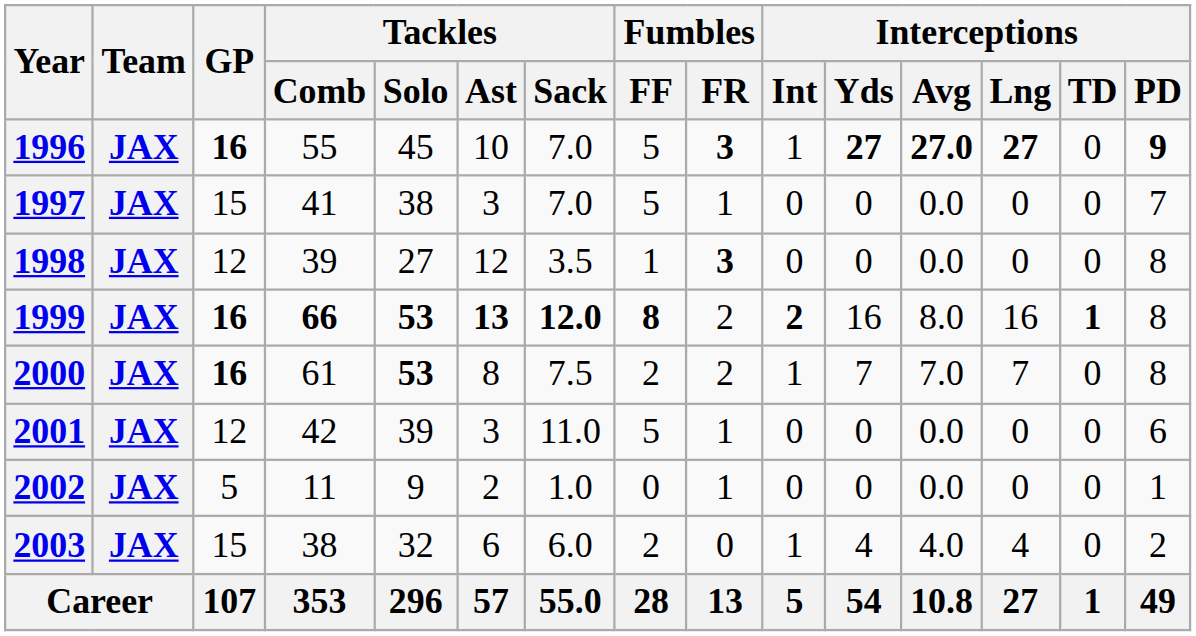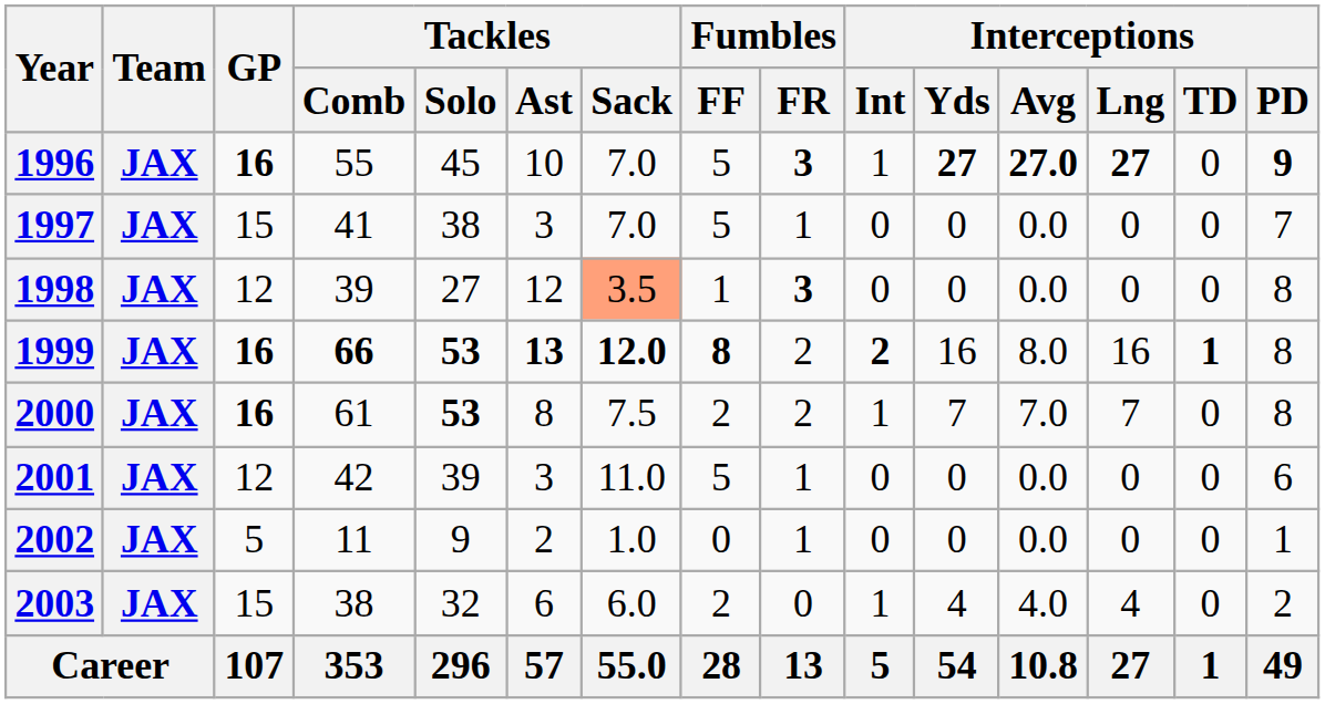 <table class="wikitable" style="text-align:center">
 <tr>
 <th rowspan="2">Year</th>
 <th rowspan="2">Team</th>
 <th rowspan="2">GP</th>
 <th colspan="4">Tackles</th>
 <th colspan="2">Fumbles</th>
 <th colspan="6">Interceptions</th>
 </tr>
 <tr>
 <th>Comb</th>
 <th>Solo</th>
 <th>Ast</th>
 <th>Sack</th>
 <th>FF</th>
 <th>FR</th>
 <th>Int</th>
 <th>Yds</th>
 <th>Avg</th>
 <th>Lng</th>
 <th>TD</th>
 <th>PD</th>
 </tr>
 <tr>
 <th><a href='#'>1996</a></th>
 <th><a href='#'>JAX</a></th>
 <td><strong>16</strong></td>
 <td>55</td>
 <td>45</td>
 <td>10</td>
 <td>7.0</td>
 <td>5</td>
 <td><strong>3</strong></td>
 <td>1</td>
 <td><strong>27</strong></td>
 <td><strong>27.0</strong></td>
 <td><strong>27</strong></td>
 <td>0</td>
 <td><strong>9</strong></td>
 </tr>
 <tr>
 <th><a href='#'>1997</a></th>
 <th><a href='#'>JAX</a></th>
 <td>15</td>
 <td>41</td>
 <td>38</td>
 <td>3</td>
 <td>7.0</td>
 <td>5</td>
 <td>1</td>
 <td>0</td>
 <td>0</td>
 <td>0.0</td>
 <td>0</td>
 <td>0</td>
 <td>7</td>
 </tr>
 <tr>
 <th><a href='#'>1998</a></th>
 <th><a href='#'>JAX</a></th>
 <td>12</td>
 <td>39</td>
 <td>27</td>
 <td>12</td>
-<td>3.5</td>
+<td style="background: lightsalmon;">3.5</td>
 <td>1</td>
 <td><strong>3</strong></td>
 <td>0</td>
 <td>0</td>
 <td>0.0</td>
 <td>0</td>
 <td>0</td>
 <td>8</td>
 </tr>
 <tr>
 <th><a href='#'>1999</a></th>
 <th><a href='#'>JAX</a></th>
 <td><strong>16</strong></td>
 <td><strong>66</strong></td>
 <td><strong>53</strong></td>
 <td><strong>13</strong></td>
 <td><strong>12.0</strong></td>
 <td><strong>8</strong></td>
 <td>2</td>
 <td><strong>2</strong></td>
 <td>16</td>
 <td>8.0</td>
 <td>16</td>
 <td><strong>1</strong></td>
 <td>8</td>
 </tr>
 <tr>
 <th><a href='#'>2000</a></th>
 <th><a href='#'>JAX</a></th>
 <td><strong>16</strong></td>
 <td>61</td>
 <td><strong>53</strong></td>
 <td>8</td>
 <td>7.5</td>
 <td>2</td>
 <td>2</td>
 <td>1</td>
 <td>7</td>
 <td>7.0</td>
 <td>7</td>
 <td>0</td>
 <td>8</td>
 </tr>
 <tr>
 <th><a href='#'>2001</a></th>
 <th><a href='#'>JAX</a></th>
 <td>12</td>
 <td>42</td>
 <td>39</td>
 <td>3</td>
 <td>11.0</td>
 <td>5</td>
 <td>1</td>
 <td>0</td>
 <td>0</td>
 <td>0.0</td>
 <td>0</td>
 <td>0</td>
 <td>6</td>
 </tr>
 <tr>
 <th><a href='#'>2002</a></th>
 <th><a href='#'>JAX</a></th>
 <td>5</td>
 <td>11</td>
 <td>9</td>
 <td>2</td>
 <td>1.0</td>
 <td>0</td>
 <td>1</td>
 <td>0</td>
 <td>0</td>
 <td>0.0</td>
 <td>0</td>
 <td>0</td>
 <td>1</td>
 </tr>
 <tr>
 <th><a href='#'>2003</a></th>
 <th><a href='#'>JAX</a></th>
 <td>15</td>
 <td>38</td>
 <td>32</td>
 <td>6</td>
 <td>6.0</td>
 <td>2</td>
 <td>0</td>
 <td>1</td>
 <td>4</td>
 <td>4.0</td>
 <td>4</td>
 <td>0</td>
 <td>2</td>
 </tr>
 <tr>
 <th colspan="2">Career</th>
 <th>107</th>
 <th>353</th>
 <th>296</th>
 <th>57</th>
 <th>55.0</th>
 <th>28</th>
 <th>13</th>
 <th>5</th>
 <th>54</th>
 <th>10.8</th>
 <th>27</th>
 <th>1</th>
 <th>49</th>
 </tr>
 </table>
